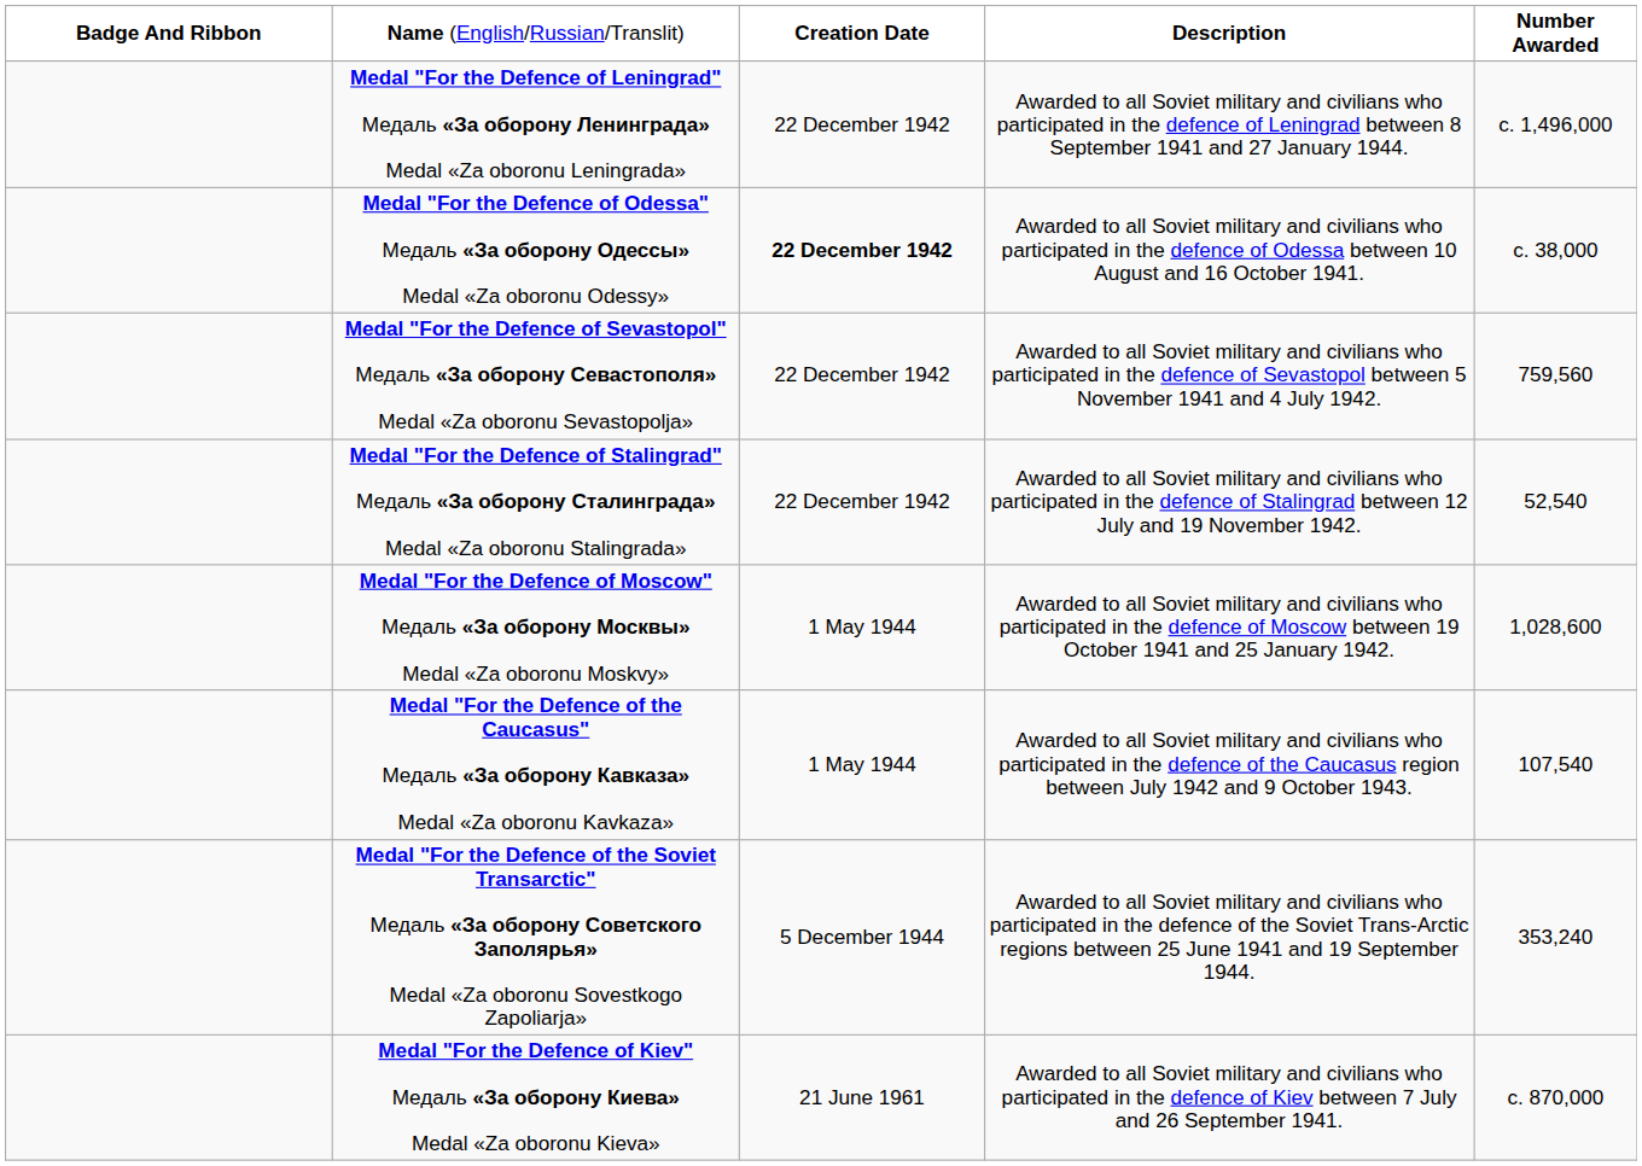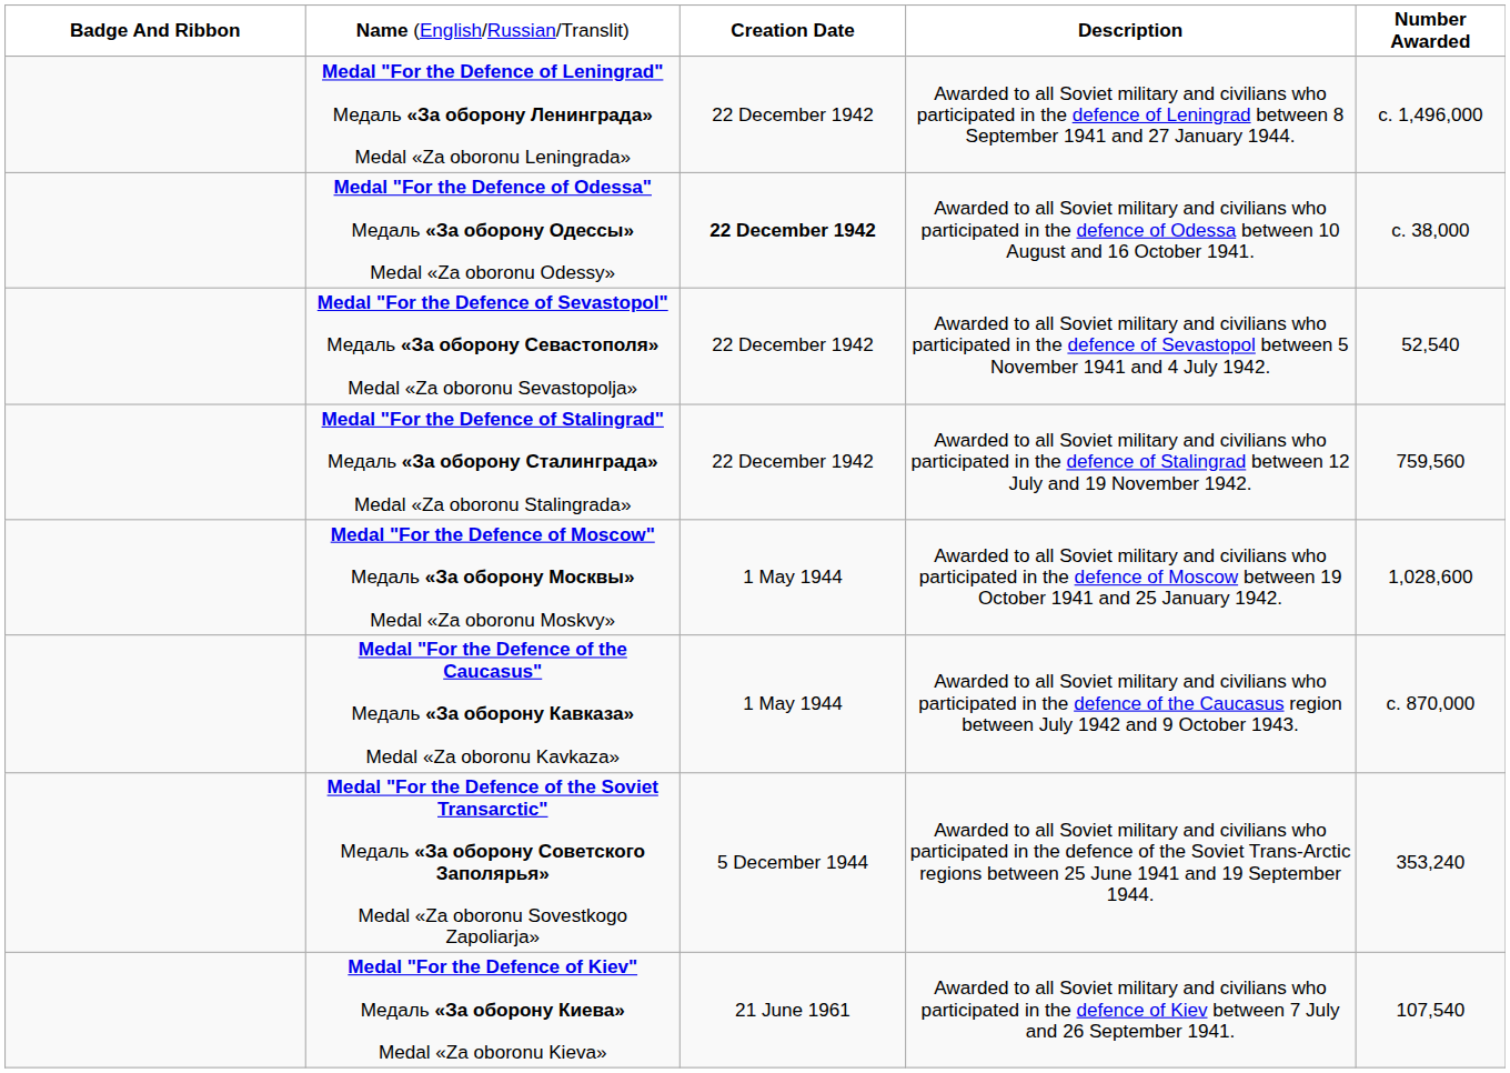 <table class="wikitable" width="100%" style="text-align:center;">
 <tr>
 <td width="20%" bgcolor="#FFFFFF"><strong>Badge And Ribbon</strong></td>
 <td width="25%" bgcolor="#FFFFFF"><strong>Name</strong> (<a href='#'>English</a>/<a href='#'>Russian</a>/Translit)</td>
 <td width="15%" bgcolor="#FFFFFF"><strong>Creation Date</strong></td>
 <td width="30%" bgcolor="#FFFFFF"><strong>Description</strong></td>
 <td width="10%" bgcolor="#FFFFFF"><strong>Number Awarded</strong></td>
 </tr>
 <tr>
 <td><br></td>
 <td><strong><a href='#'>Medal "For the Defence of Leningrad"</a></strong><br><br>Медаль <strong>«За оборону Ленинграда»</strong><br><br>Medal «Za oboronu Leningrada»</td>
 <td>22 December 1942</td>
 <td>Awarded to all Soviet military and civilians who participated in the <a href='#'>defence of Leningrad</a> between 8 September 1941 and 27 January 1944.</td>
 <td>c. 1,496,000</td>
 </tr>
 <tr>
 <td><br></td>
 <td><strong><a href='#'>Medal "For the Defence of Odessa"</a></strong><br><br>Медаль <strong>«За оборону Одессы»</strong><br><br>Medal «Za oboronu Odessy»</td>
 <td><strong>22 December 1942</strong></td>
 <td>Awarded to all Soviet military and civilians who participated in the <a href='#'>defence of Odessa</a> between 10 August and 16 October 1941.</td>
 <td>c. 38,000</td>
 </tr>
 <tr>
 <td><br></td>
 <td><strong><a href='#'>Medal "For the Defence of Sevastopol"</a></strong><br><br>Медаль <strong>«За оборону Севастополя»</strong><br><br>Medal «Za oboronu Sevastopolja»</td>
 <td>22 December 1942</td>
 <td>Awarded to all Soviet military and civilians who participated in the <a href='#'>defence of Sevastopol</a> between 5 November 1941 and 4 July 1942.</td>
-<td>759,560</td>
+<td>52,540</td>
 </tr>
 <tr>
 <td><br></td>
 <td><strong><a href='#'>Medal "For the Defence of Stalingrad"</a></strong><br><br>Медаль <strong>«За оборону Сталинграда»</strong><br><br>Medal «Za oboronu Stalingrada»</td>
 <td>22 December 1942</td>
 <td>Awarded to all Soviet military and civilians who participated in the <a href='#'>defence of Stalingrad</a> between 12 July and 19 November 1942.</td>
-<td>52,540</td>
+<td>759,560</td>
 </tr>
 <tr>
 <td><br></td>
 <td><strong><a href='#'>Medal "For the Defence of Moscow"</a></strong><br><br>Медаль <strong>«За оборону Москвы»</strong><br><br>Medal «Za oboronu Moskvy»</td>
 <td>1 May 1944</td>
 <td>Awarded to all Soviet military and civilians who participated in the <a href='#'>defence of Moscow</a> between 19 October 1941 and 25 January 1942.</td>
 <td>1,028,600</td>
 </tr>
 <tr>
 <td><br></td>
 <td><strong><a href='#'>Medal "For the Defence of the Caucasus"</a></strong><br><br>Медаль <strong>«За оборону Кавказа»</strong><br><br>Medal «Za oboronu Kavkaza»</td>
 <td>1 May 1944</td>
 <td>Awarded to all Soviet military and civilians who participated in the <a href='#'>defence of the Caucasus</a> region between July 1942 and 9 October 1943.</td>
-<td>107,540</td>
+<td>c. 870,000</td>
 </tr>
 <tr>
 <td><br></td>
 <td><strong><a href='#'>Medal "For the Defence of the Soviet Transarctic"</a></strong><br><br>Медаль <strong>«За оборону Советского Заполярья»</strong><br><br>Medal «Za oboronu Sovestkogo Zapoliarja»</td>
 <td>5 December 1944</td>
 <td>Awarded to all Soviet military and civilians who participated in the defence of the Soviet Trans-Arctic regions between 25 June 1941 and 19 September 1944.</td>
 <td>353,240</td>
 </tr>
 <tr>
 <td><br></td>
 <td><strong><a href='#'>Medal "For the Defence of Kiev"</a></strong><br><br>Медаль <strong>«За оборону Киева»</strong><br><br>Medal «Za oboronu Kieva»</td>
 <td>21 June 1961</td>
 <td>Awarded to all Soviet military and civilians who participated in the <a href='#'>defence of Kiev</a> between 7 July and 26 September 1941.</td>
-<td>c. 870,000</td>
+<td>107,540</td>
 </tr>
 </table>
